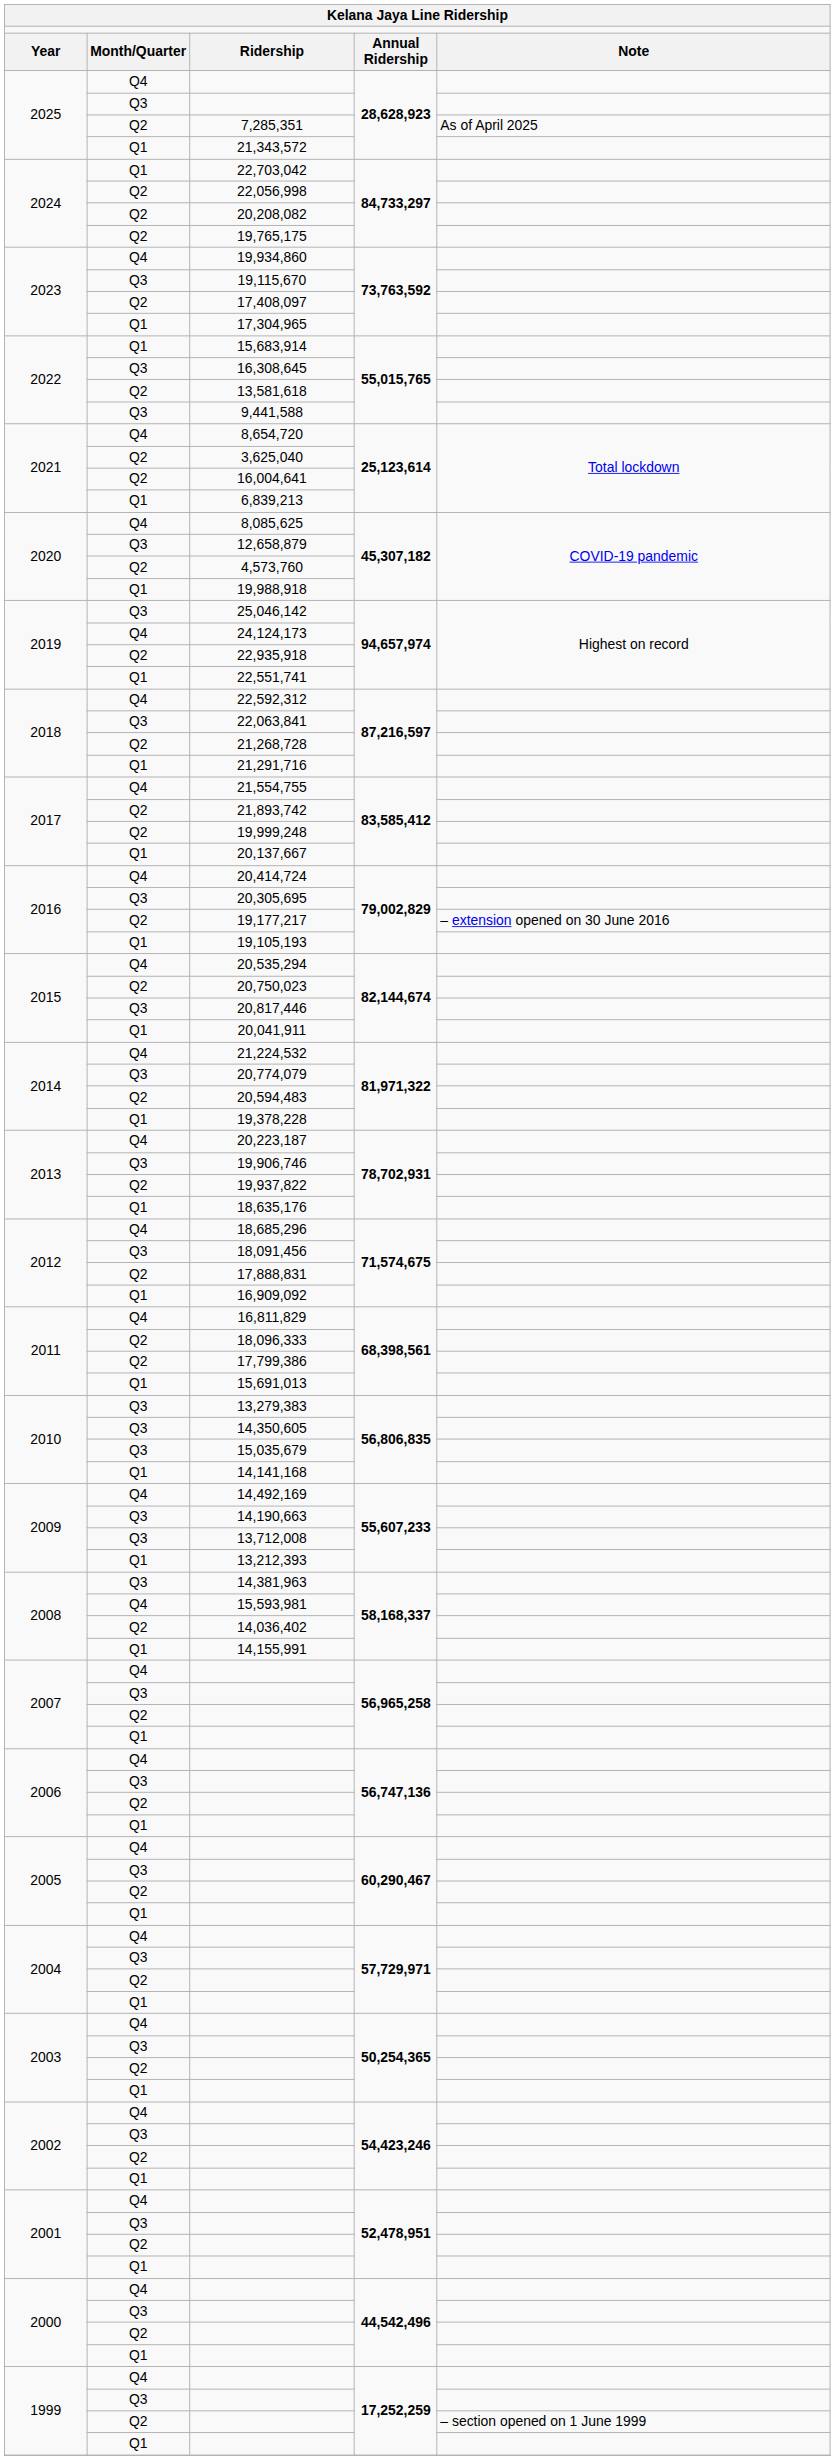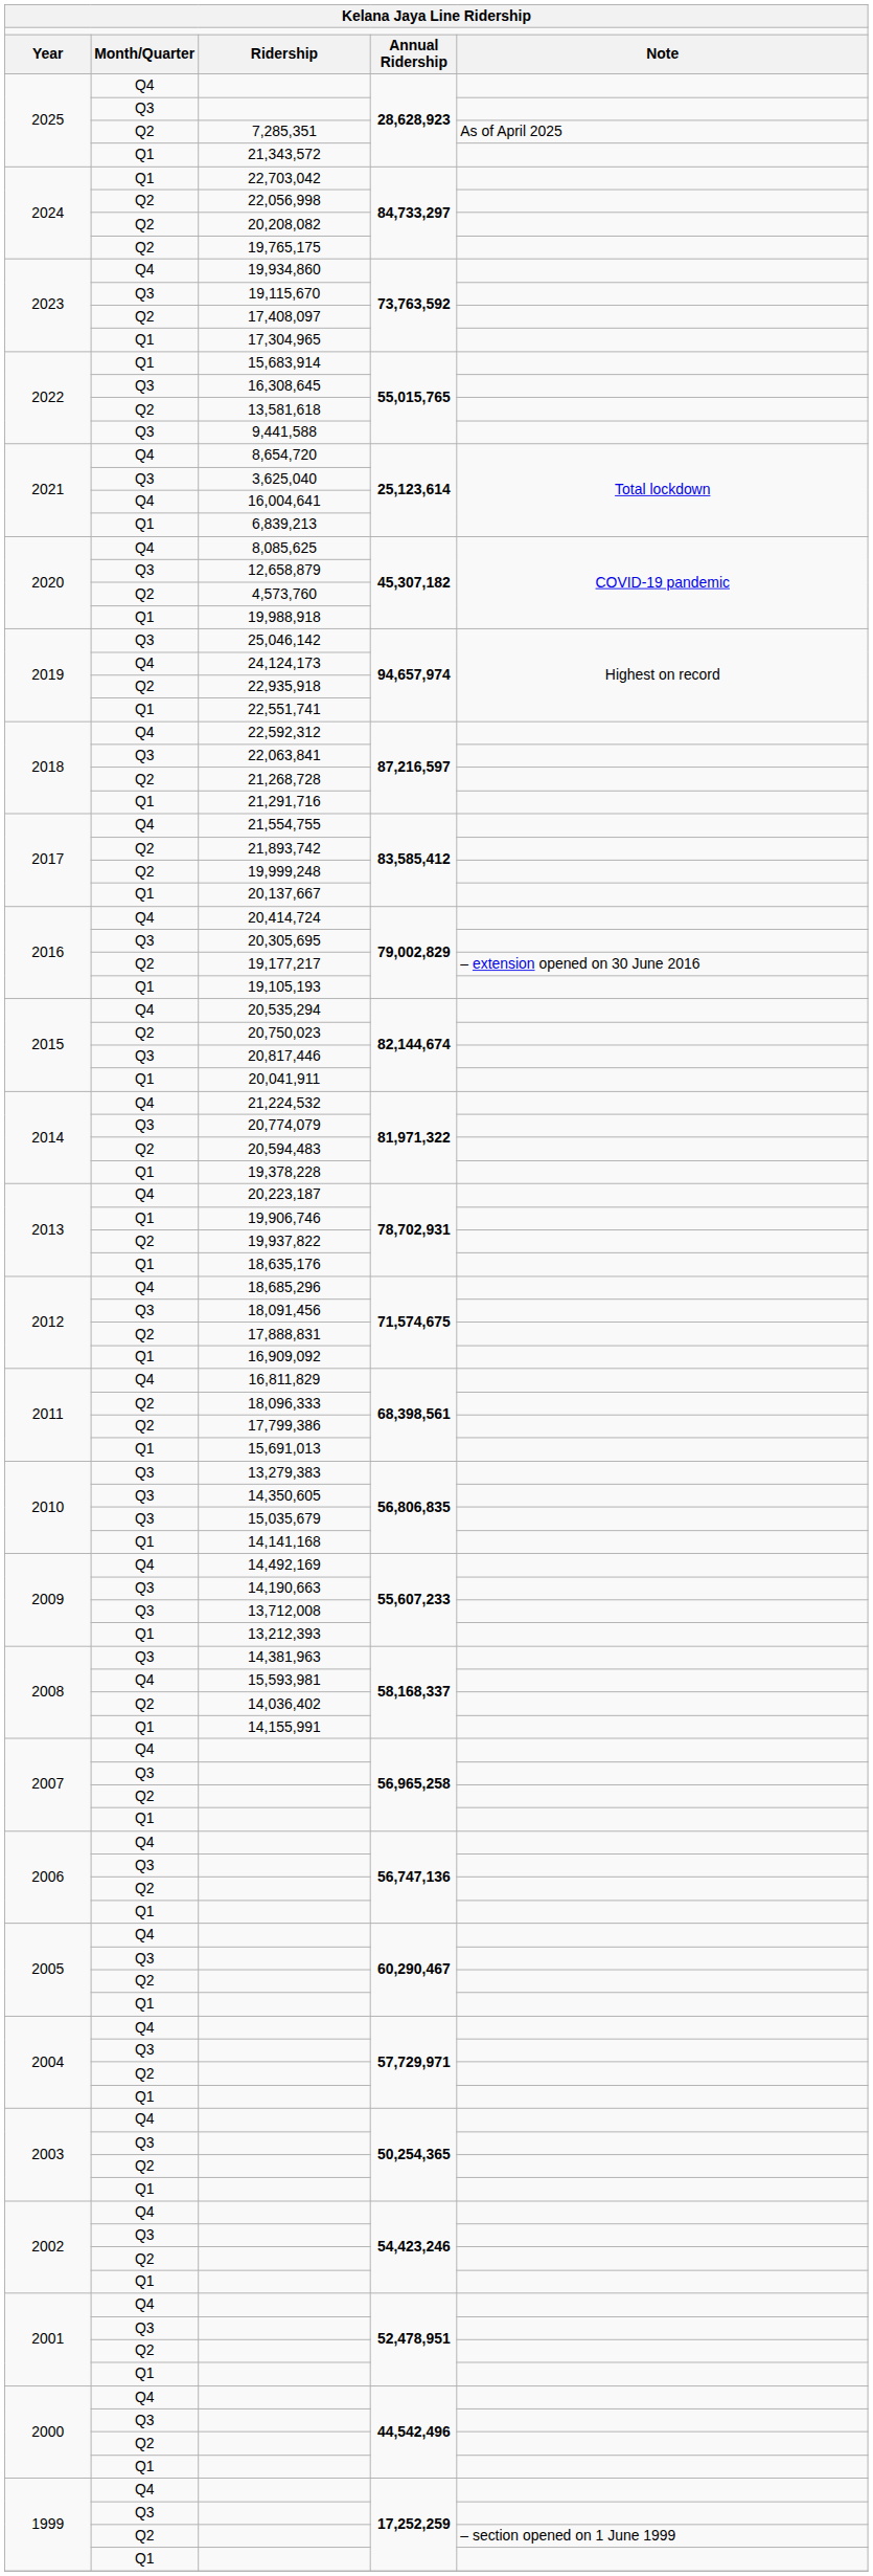 <table class="wikitable" style="width:60%">
 <tr>
 <th colspan=5 align="center">Kelana Jaya Line Ridership</th>
 </tr>
 <tr>
 <td colspan="5" align="center"></td>
 </tr>
 <tr>
 <th style="width:10%">Year</th>
 <th style="width:10%">Month/Quarter</th>
 <th style="width:20%">Ridership</th>
 <th style="width:10%">Annual Ridership</th>
 <th>Note</th>
 </tr>
 <tr>
 <td rowspan="4" align="center">2025</td>
 <td align="center">Q4</td>
 <td align="center"></td>
 <td rowspan="4" align="center"><strong>28,628,923</strong></td>
 <td></td>
 </tr>
 <tr>
 <td align="center">Q3</td>
 <td align="center"></td>
 <td></td>
 </tr>
 <tr>
 <td align="center">Q2</td>
 <td align="center">7,285,351</td>
 <td>As of April 2025</td>
 </tr>
 <tr>
 <td align="center">Q1</td>
 <td align="center">21,343,572</td>
 <td></td>
 </tr>
 <tr>
 <td rowspan="4" align="center">2024</td>
 <td align="center">Q1</td>
 <td align="center">22,703,042</td>
 <td rowspan="4" align="center"><strong>84,733,297</strong></td>
 <td></td>
 </tr>
 <tr>
 <td align="center">Q2</td>
 <td align="center">22,056,998</td>
 <td></td>
 </tr>
 <tr>
 <td align="center">Q2</td>
 <td align="center">20,208,082</td>
 <td></td>
 </tr>
 <tr>
 <td align="center">Q2</td>
 <td align="center">19,765,175</td>
 <td></td>
 </tr>
 <tr>
 <td rowspan="4" align="center">2023</td>
 <td align="center">Q4</td>
 <td align="center">19,934,860</td>
 <td rowspan="4" align="center"><strong>73,763,592</strong></td>
 <td></td>
 </tr>
 <tr>
 <td align="center">Q3</td>
 <td align="center">19,115,670</td>
 <td></td>
 </tr>
 <tr>
 <td align="center">Q2</td>
 <td align="center">17,408,097</td>
 <td></td>
 </tr>
 <tr>
 <td align="center">Q1</td>
 <td align="center">17,304,965</td>
 <td></td>
 </tr>
 <tr>
 <td rowspan="4" align="center">2022</td>
 <td align="center">Q1</td>
 <td align="center">15,683,914</td>
 <td rowspan="4" align="center"><strong>55,015,765</strong></td>
 <td></td>
 </tr>
 <tr>
 <td align="center">Q3</td>
 <td align="center">16,308,645</td>
 <td></td>
 </tr>
 <tr>
 <td align="center">Q2</td>
 <td align="center">13,581,618</td>
 <td></td>
 </tr>
 <tr>
 <td align="center">Q3</td>
 <td align="center">9,441,588</td>
 <td></td>
 </tr>
 <tr>
 <td rowspan="4" align="center">2021</td>
 <td align="center">Q4</td>
 <td align="center">8,654,720</td>
 <td rowspan="4" align="center"><strong>25,123,614</strong></td>
 <td rowspan="4" align="center"><a href='#'>Total lockdown</a></td>
 </tr>
 <tr>
-<td align="center">Q2</td>
+<td align="center">Q3</td>
 <td align="center">3,625,040</td>
 </tr>
 <tr>
-<td align="center">Q2</td>
+<td align="center">Q4</td>
 <td align="center">16,004,641</td>
 </tr>
 <tr>
 <td align="center">Q1</td>
 <td align="center">6,839,213</td>
 </tr>
 <tr>
 <td rowspan="4" align="center">2020</td>
 <td align="center">Q4</td>
 <td align="center">8,085,625</td>
 <td rowspan="4" align="center"><strong>45,307,182</strong></td>
 <td rowspan="4" align="center"><a href='#'>COVID-19 pandemic</a></td>
 </tr>
 <tr>
 <td align="center">Q3</td>
 <td align="center">12,658,879</td>
 </tr>
 <tr>
 <td align="center">Q2</td>
 <td align="center">4,573,760</td>
 </tr>
 <tr>
 <td align="center">Q1</td>
 <td align="center">19,988,918</td>
 </tr>
 <tr>
 <td rowspan="4" align="center">2019</td>
 <td align="center">Q3</td>
 <td align="center">25,046,142</td>
 <td rowspan="4" align="center"><strong>94,657,974</strong></td>
 <td rowspan="4" align="center">Highest on record</td>
 </tr>
 <tr>
 <td align="center">Q4</td>
 <td align="center">24,124,173</td>
 </tr>
 <tr>
 <td align="center">Q2</td>
 <td align="center">22,935,918</td>
 </tr>
 <tr>
 <td align="center">Q1</td>
 <td align="center">22,551,741</td>
 </tr>
 <tr>
 <td rowspan="4" align="center">2018</td>
 <td align="center">Q4</td>
 <td align="center">22,592,312</td>
 <td rowspan="4" align="center"><strong>87,216,597</strong></td>
 <td></td>
 </tr>
 <tr>
 <td align="center">Q3</td>
 <td align="center">22,063,841</td>
 <td></td>
 </tr>
 <tr>
 <td align="center">Q2</td>
 <td align="center">21,268,728</td>
 <td></td>
 </tr>
 <tr>
 <td align="center">Q1</td>
 <td align="center">21,291,716</td>
 <td></td>
 </tr>
 <tr>
 <td rowspan="4" align="center">2017</td>
 <td align="center">Q4</td>
 <td align="center">21,554,755</td>
 <td rowspan="4" align="center"><strong>83,585,412</strong></td>
 <td></td>
 </tr>
 <tr>
 <td align="center">Q2</td>
 <td align="center">21,893,742</td>
 <td></td>
 </tr>
 <tr>
 <td align="center">Q2</td>
 <td align="center">19,999,248</td>
 <td></td>
 </tr>
 <tr>
 <td align="center">Q1</td>
 <td align="center">20,137,667</td>
 <td></td>
 </tr>
 <tr>
 <td rowspan="4" align="center">2016</td>
 <td align="center">Q4</td>
 <td align="center">20,414,724</td>
 <td rowspan="4" align="center"><strong>79,002,829</strong></td>
 <td></td>
 </tr>
 <tr>
 <td align="center">Q3</td>
 <td align="center">20,305,695</td>
 <td></td>
 </tr>
 <tr>
 <td align="center">Q2</td>
 <td align="center">19,177,217</td>
 <td>  –   <a href='#'>extension</a> opened on 30 June 2016</td>
 </tr>
 <tr>
 <td align="center">Q1</td>
 <td align="center">19,105,193</td>
 <td></td>
 </tr>
 <tr>
 <td rowspan="4" align="center">2015</td>
 <td align="center">Q4</td>
 <td align="center">20,535,294</td>
 <td rowspan="4" align="center"><strong>82,144,674</strong></td>
 <td></td>
 </tr>
 <tr>
 <td align="center">Q2</td>
 <td align="center">20,750,023</td>
 <td></td>
 </tr>
 <tr>
 <td align="center">Q3</td>
 <td align="center">20,817,446</td>
 <td></td>
 </tr>
 <tr>
 <td align="center">Q1</td>
 <td align="center">20,041,911</td>
 <td></td>
 </tr>
 <tr>
 <td rowspan="4" align="center">2014</td>
 <td align="center">Q4</td>
 <td align="center">21,224,532</td>
 <td rowspan="4" align="center"><strong>81,971,322</strong></td>
 <td></td>
 </tr>
 <tr>
 <td align="center">Q3</td>
 <td align="center">20,774,079</td>
 <td></td>
 </tr>
 <tr>
 <td align="center">Q2</td>
 <td align="center">20,594,483</td>
 <td></td>
 </tr>
 <tr>
 <td align="center">Q1</td>
 <td align="center">19,378,228</td>
 <td></td>
 </tr>
 <tr>
 <td rowspan="4" align="center">2013</td>
 <td align="center">Q4</td>
 <td align="center">20,223,187</td>
 <td rowspan="4" align="center"><strong>78,702,931</strong></td>
 <td></td>
 </tr>
 <tr>
-<td align="center">Q3</td>
+<td align="center">Q1</td>
 <td align="center">19,906,746</td>
 <td></td>
 </tr>
 <tr>
 <td align="center">Q2</td>
 <td align="center">19,937,822</td>
 <td></td>
 </tr>
 <tr>
 <td align="center">Q1</td>
 <td align="center">18,635,176</td>
 <td></td>
 </tr>
 <tr>
 <td rowspan="4" align="center">2012</td>
 <td align="center">Q4</td>
 <td align="center">18,685,296</td>
 <td rowspan="4" align="center"><strong>71,574,675</strong></td>
 <td></td>
 </tr>
 <tr>
 <td align="center">Q3</td>
 <td align="center">18,091,456</td>
 <td></td>
 </tr>
 <tr>
 <td align="center">Q2</td>
 <td align="center">17,888,831</td>
 <td></td>
 </tr>
 <tr>
 <td align="center">Q1</td>
 <td align="center">16,909,092</td>
 <td></td>
 </tr>
 <tr>
 <td rowspan="4" align="center">2011</td>
 <td align="center">Q4</td>
 <td align="center">16,811,829</td>
 <td rowspan="4" align="center"><strong>68,398,561</strong></td>
 <td></td>
 </tr>
 <tr>
 <td align="center">Q2</td>
 <td align="center">18,096,333</td>
 <td></td>
 </tr>
 <tr>
 <td align="center">Q2</td>
 <td align="center">17,799,386</td>
 <td></td>
 </tr>
 <tr>
 <td align="center">Q1</td>
 <td align="center">15,691,013</td>
 <td></td>
 </tr>
 <tr>
 <td rowspan="4" align="center">2010</td>
 <td align="center">Q3</td>
 <td align="center">13,279,383</td>
 <td rowspan="4" align="center"><strong>56,806,835</strong></td>
 <td></td>
 </tr>
 <tr>
 <td align="center">Q3</td>
 <td align="center">14,350,605</td>
 <td></td>
 </tr>
 <tr>
 <td align="center">Q3</td>
 <td align="center">15,035,679</td>
 <td></td>
 </tr>
 <tr>
 <td align="center">Q1</td>
 <td align="center">14,141,168</td>
 <td></td>
 </tr>
 <tr>
 <td rowspan="4" align="center">2009</td>
 <td align="center">Q4</td>
 <td align="center">14,492,169</td>
 <td rowspan="4" align="center"><strong>55,607,233</strong></td>
 <td></td>
 </tr>
 <tr>
 <td align="center">Q3</td>
 <td align="center">14,190,663</td>
 <td></td>
 </tr>
 <tr>
 <td align="center">Q3</td>
 <td align="center">13,712,008</td>
 <td></td>
 </tr>
 <tr>
 <td align="center">Q1</td>
 <td align="center">13,212,393</td>
 <td></td>
 </tr>
 <tr>
 <td rowspan="4" align="center">2008</td>
 <td align="center">Q3</td>
 <td align="center">14,381,963</td>
 <td rowspan="4" align="center"><strong>58,168,337</strong></td>
 <td></td>
 </tr>
 <tr>
 <td align="center">Q4</td>
 <td align="center">15,593,981</td>
 <td></td>
 </tr>
 <tr>
 <td align="center">Q2</td>
 <td align="center">14,036,402</td>
 <td></td>
 </tr>
 <tr>
 <td align="center">Q1</td>
 <td align="center">14,155,991</td>
 <td></td>
 </tr>
 <tr>
 <td rowspan="4" align="center">2007</td>
 <td align="center">Q4</td>
 <td align="center"></td>
 <td rowspan="4" align="center"><strong>56,965,258</strong></td>
 <td></td>
 </tr>
 <tr>
 <td align="center">Q3</td>
 <td align="center"></td>
 <td></td>
 </tr>
 <tr>
 <td align="center">Q2</td>
 <td align="center"></td>
 <td></td>
 </tr>
 <tr>
 <td align="center">Q1</td>
 <td align="center"></td>
 <td></td>
 </tr>
 <tr>
 <td rowspan="4" align="center">2006</td>
 <td align="center">Q4</td>
 <td align="center"></td>
 <td rowspan="4" align="center"><strong>56,747,136</strong></td>
 <td></td>
 </tr>
 <tr>
 <td align="center">Q3</td>
 <td align="center"></td>
 <td></td>
 </tr>
 <tr>
 <td align="center">Q2</td>
 <td align="center"></td>
 <td></td>
 </tr>
 <tr>
 <td align="center">Q1</td>
 <td align="center"></td>
 <td></td>
 </tr>
 <tr>
 <td rowspan="4" align="center">2005</td>
 <td align="center">Q4</td>
 <td align="center"></td>
 <td rowspan="4" align="center"><strong>60,290,467</strong></td>
 <td></td>
 </tr>
 <tr>
 <td align="center">Q3</td>
 <td align="center"></td>
 <td></td>
 </tr>
 <tr>
 <td align="center">Q2</td>
 <td align="center"></td>
 <td></td>
 </tr>
 <tr>
 <td align="center">Q1</td>
 <td align="center"></td>
 <td></td>
 </tr>
 <tr>
 <td rowspan="4" align="center">2004</td>
 <td align="center">Q4</td>
 <td align="center"></td>
 <td rowspan="4" align="center"><strong>57,729,971</strong></td>
 <td></td>
 </tr>
 <tr>
 <td align="center">Q3</td>
 <td align="center"></td>
 <td></td>
 </tr>
 <tr>
 <td align="center">Q2</td>
 <td align="center"></td>
 <td></td>
 </tr>
 <tr>
 <td align="center">Q1</td>
 <td align="center"></td>
 <td></td>
 </tr>
 <tr>
 <td rowspan="4" align="center">2003</td>
 <td align="center">Q4</td>
 <td align="center"></td>
 <td rowspan="4" align="center"><strong>50,254,365</strong></td>
 <td></td>
 </tr>
 <tr>
 <td align="center">Q3</td>
 <td align="center"></td>
 <td></td>
 </tr>
 <tr>
 <td align="center">Q2</td>
 <td align="center"></td>
 <td></td>
 </tr>
 <tr>
 <td align="center">Q1</td>
 <td align="center"></td>
 <td></td>
 </tr>
 <tr>
 <td rowspan="4" align="center">2002</td>
 <td align="center">Q4</td>
 <td align="center"></td>
 <td rowspan="4" align="center"><strong>54,423,246</strong></td>
 <td></td>
 </tr>
 <tr>
 <td align="center">Q3</td>
 <td align="center"></td>
 <td></td>
 </tr>
 <tr>
 <td align="center">Q2</td>
 <td align="center"></td>
 <td></td>
 </tr>
 <tr>
 <td align="center">Q1</td>
 <td align="center"></td>
 <td></td>
 </tr>
 <tr>
 <td rowspan="4" align="center">2001</td>
 <td align="center">Q4</td>
 <td align="center"></td>
 <td rowspan="4" align="center"><strong>52,478,951</strong></td>
 <td></td>
 </tr>
 <tr>
 <td align="center">Q3</td>
 <td align="center"></td>
 <td></td>
 </tr>
 <tr>
 <td align="center">Q2</td>
 <td align="center"></td>
 <td></td>
 </tr>
 <tr>
 <td align="center">Q1</td>
 <td align="center"></td>
 <td></td>
 </tr>
 <tr>
 <td rowspan="4" align="center">2000</td>
 <td align="center">Q4</td>
 <td align="center"></td>
 <td rowspan="4" align="center"><strong>44,542,496</strong></td>
 <td></td>
 </tr>
 <tr>
 <td align="center">Q3</td>
 <td align="center"></td>
 <td></td>
 </tr>
 <tr>
 <td align="center">Q2</td>
 <td align="center"></td>
 <td></td>
 </tr>
 <tr>
 <td align="center">Q1</td>
 <td align="center"></td>
 <td></td>
 </tr>
 <tr>
 <td rowspan="4" align="center">1999</td>
 <td align="center">Q4</td>
 <td align="center"></td>
 <td rowspan="4" align="center"><strong>17,252,259</strong></td>
 <td></td>
 </tr>
 <tr>
 <td align="center">Q3</td>
 <td align="center"></td>
 <td></td>
 </tr>
 <tr>
 <td align="center">Q2</td>
 <td align="center"></td>
 <td>  –   section opened on 1 June 1999</td>
 </tr>
 <tr>
 <td align="center">Q1</td>
 <td align="center"></td>
 <td></td>
 </tr>
 <tr>
 </tr>
 </table>
